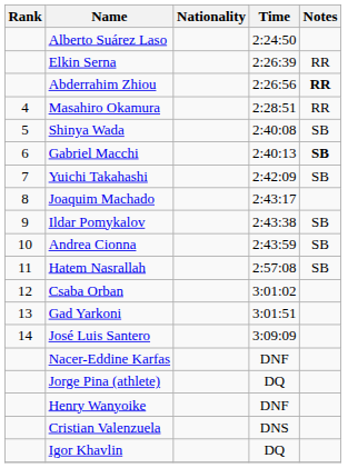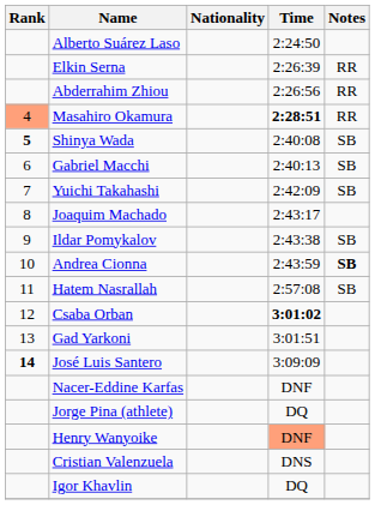 <table class="wikitable sortable" style="text-align:center">
 <tr>
 <th>Rank</th>
 <th>Name</th>
 <th>Nationality</th>
 <th>Time</th>
 <th>Notes</th>
 </tr>
 <tr>
 <td></td>
 <td align=left><a href='#'>Alberto Suárez Laso</a></td>
 <td align=left></td>
 <td>2:24:50</td>
 <td></td>
 </tr>
 <tr>
 <td></td>
 <td align=left><a href='#'>Elkin Serna</a></td>
 <td align=left></td>
 <td>2:26:39</td>
 <td>RR</td>
 </tr>
 <tr>
 <td></td>
 <td align=left><a href='#'>Abderrahim Zhiou</a></td>
 <td align=left></td>
 <td>2:26:56</td>
-<td><strong>RR</strong></td>
-</tr>
-<tr>
-<td>4</td>
-<td align=left><a href='#'>Masahiro Okamura</a></td>
-<td align=left></td>
-<td>2:28:51</td>
 <td>RR</td>
 </tr>
 <tr>
-<td>5</td>
+<td style="background: lightsalmon;">4</td>
+<td align=left><a href='#'>Masahiro Okamura</a></td>
+<td align=left></td>
+<td><strong>2:28:51</strong></td>
+<td>RR</td>
+</tr>
+<tr>
+<td><strong>5</strong></td>
 <td align=left><a href='#'>Shinya Wada</a></td>
 <td align=left></td>
 <td>2:40:08</td>
 <td>SB</td>
 </tr>
 <tr>
 <td>6</td>
 <td align=left><a href='#'>Gabriel Macchi</a></td>
 <td align=left></td>
 <td>2:40:13</td>
-<td><strong>SB</strong></td>
+<td>SB</td>
 </tr>
 <tr>
 <td>7</td>
 <td align=left><a href='#'>Yuichi Takahashi</a></td>
 <td align=left></td>
 <td>2:42:09</td>
 <td>SB</td>
 </tr>
 <tr>
 <td>8</td>
 <td align=left><a href='#'>Joaquim Machado</a></td>
 <td align=left></td>
 <td>2:43:17</td>
 <td></td>
 </tr>
 <tr>
 <td>9</td>
 <td align=left><a href='#'>Ildar Pomykalov</a></td>
 <td align=left></td>
 <td>2:43:38</td>
 <td>SB</td>
 </tr>
 <tr>
 <td>10</td>
 <td align=left><a href='#'>Andrea Cionna</a></td>
 <td align=left></td>
 <td>2:43:59</td>
-<td>SB</td>
+<td><strong>SB</strong></td>
 </tr>
 <tr>
 <td>11</td>
 <td align=left><a href='#'>Hatem Nasrallah</a></td>
 <td align=left></td>
 <td>2:57:08</td>
 <td>SB</td>
 </tr>
 <tr>
 <td>12</td>
 <td align=left><a href='#'>Csaba Orban</a></td>
 <td align=left></td>
-<td>3:01:02</td>
+<td><strong>3:01:02</strong></td>
 <td></td>
 </tr>
 <tr>
 <td>13</td>
 <td align=left><a href='#'>Gad Yarkoni</a></td>
 <td align=left></td>
 <td>3:01:51</td>
 <td></td>
 </tr>
 <tr>
-<td>14</td>
+<td><strong>14</strong></td>
 <td align=left><a href='#'>José Luis Santero</a></td>
 <td align=left></td>
 <td>3:09:09</td>
 <td></td>
 </tr>
 <tr>
 <td></td>
 <td align=left><a href='#'>Nacer-Eddine Karfas</a></td>
 <td align=left></td>
 <td>DNF</td>
 <td></td>
 </tr>
 <tr>
 <td></td>
 <td align=left><a href='#'>Jorge Pina (athlete)</a></td>
 <td align=left></td>
 <td>DQ</td>
 <td></td>
 </tr>
 <tr>
 <td></td>
 <td align=left><a href='#'>Henry Wanyoike</a></td>
 <td align=left></td>
-<td>DNF</td>
+<td style="background: lightsalmon;">DNF</td>
 <td></td>
 </tr>
 <tr>
 <td></td>
 <td align=left><a href='#'>Cristian Valenzuela</a></td>
 <td align=left></td>
 <td>DNS</td>
 <td></td>
 </tr>
 <tr>
 <td></td>
 <td align=left><a href='#'>Igor Khavlin</a></td>
 <td align=left></td>
 <td>DQ</td>
 <td></td>
 </tr>
 <tr>
 </tr>
 </table>
